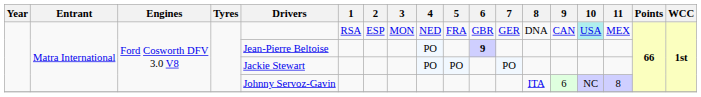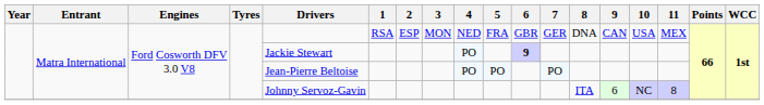 <table class="wikitable" style="text-align:center; font-size:95%">
 <tr>
 <th>Year</th>
 <th>Entrant</th>
 <th>Engines</th>
 <th>Tyres</th>
 <th>Drivers</th>
 <th>1</th>
 <th>2</th>
 <th>3</th>
 <th>4</th>
 <th>5</th>
 <th>6</th>
 <th>7</th>
 <th>8</th>
 <th>9</th>
 <th>10</th>
 <th>11</th>
 <th>Points</th>
 <th>WCC</th>
 </tr>
 <tr>
 <td rowspan=4></td>
 <td rowspan=4><a href='#'>Matra International</a></td>
 <td rowspan=4><a href='#'>Ford</a> <a href='#'>Cosworth DFV</a> <br>3.0 <a href='#'>V8</a></td>
 <td rowspan=4></td>
 <td></td>
 <td><a href='#'>RSA</a></td>
 <td><a href='#'>ESP</a></td>
 <td><a href='#'>MON</a></td>
 <td><a href='#'>NED</a></td>
 <td><a href='#'>FRA</a></td>
 <td><a href='#'>GBR</a></td>
 <td><a href='#'>GER</a></td>
 <td>DNA</td>
 <td><a href='#'>CAN</a></td>
-<td style="background: paleturquoise;"><a href='#'>USA</a></td>
+<td><a href='#'>USA</a></td>
 <td><a href='#'>MEX</a></td>
 <td rowspan="4" style="background:#fbffbf;"><strong>66</strong></td>
 <td rowspan="4" style="background:#fbffbf;"><strong>1st</strong></td>
 </tr>
 <tr>
-<td align="left"><a href='#'>Jean-Pierre Beltoise</a></td>
+<td align="left"><a href='#'>Jackie Stewart</a></td>
 <td></td>
 <td></td>
 <td></td>
 <td style="background:#f1f8ff;">PO</td>
 <td></td>
 <td style="background:#cfcfff;"><strong>9</strong></td>
 <td></td>
 <td></td>
 <td></td>
 <td></td>
 <td></td>
 </tr>
 <tr>
-<td align="left"><a href='#'>Jackie Stewart</a></td>
+<td align="left"><a href='#'>Jean-Pierre Beltoise</a></td>
 <td></td>
 <td></td>
 <td></td>
 <td style="background:#f1f8ff;">PO</td>
 <td style="background:#f1f8ff;">PO</td>
 <td></td>
 <td style="background:#f1f8ff;">PO</td>
 <td></td>
 <td></td>
 <td></td>
 <td></td>
 </tr>
 <tr>
 <td align="left"><a href='#'>Johnny Servoz-Gavin</a></td>
 <td></td>
 <td></td>
 <td></td>
 <td></td>
 <td></td>
 <td></td>
 <td></td>
 <td><a href='#'>ITA</a></td>
 <td style="background:#dfffdf;">6</td>
 <td style="background:#cfcfff;">NC</td>
 <td style="background:#cfcfff;">8</td>
 </tr>
 <tr>
 </tr>
 </table>
